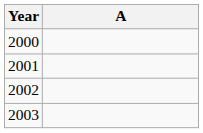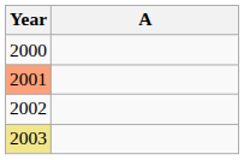 <table class="wikitable" style="text-align: center;">
 <tr>
 <th>Year</th>
 <th style="width:9.6em;">A</th>
 </tr>
 <tr>
 <td>2000</td>
 <td></td>
 </tr>
 <tr>
-<td>2001</td>
+<td style="background: lightsalmon;">2001</td>
 <td></td>
 </tr>
 <tr>
 <td>2002</td>
 <td></td>
 </tr>
 <tr>
-<td>2003</td>
+<td style="background: khaki;">2003</td>
 <td></td>
 </tr>
 </table>
